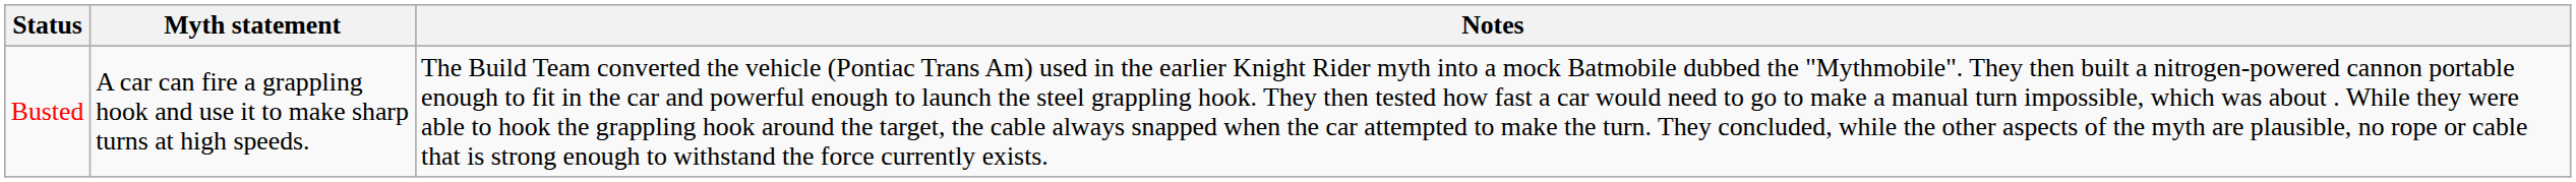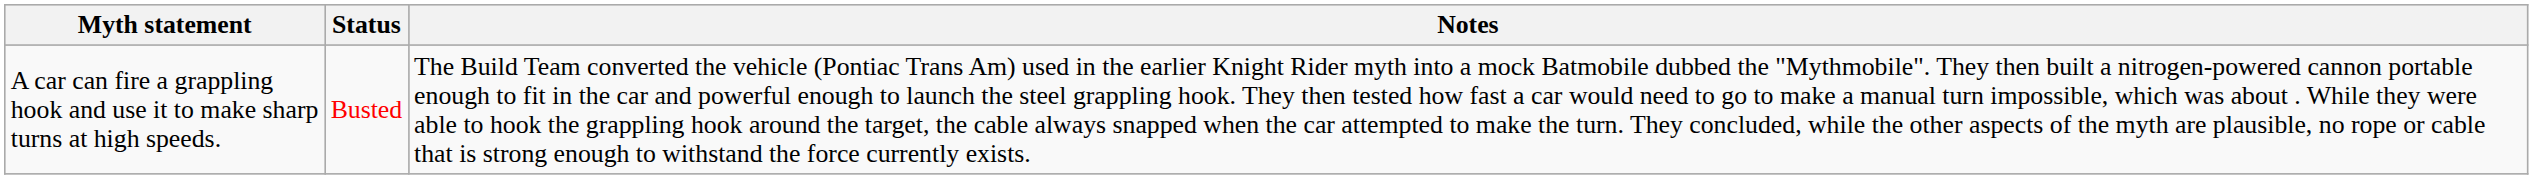 <table class="wikitable plainrowheaders">
 <tr>
+<th>Myth statement</th>
 <th>Status</th>
-<th>Myth statement</th>
 <th>Notes</th>
 </tr>
 <tr>
+<td>A car can fire a grappling hook and use it to make sharp turns at high speeds.</td>
 <td style="color:Red">Busted</td>
-<td>A car can fire a grappling hook and use it to make sharp turns at high speeds.</td>
 <td>The Build Team converted the vehicle (Pontiac Trans Am) used in the earlier Knight Rider myth into a mock Batmobile dubbed the "Mythmobile". They then built a nitrogen-powered cannon portable enough to fit in the car and powerful enough to launch the steel grappling hook. They then tested how fast a car would need to go to make a manual turn impossible, which was about . While they were able to hook the grappling hook around the target, the cable always snapped when the car attempted to make the turn. They concluded, while the other aspects of the myth are plausible, no rope or cable that is strong enough to withstand the force currently exists.</td>
 </tr>
 </table>
